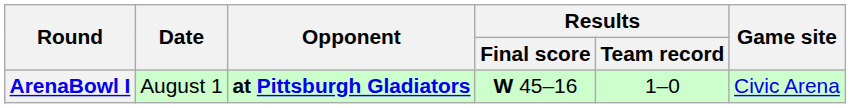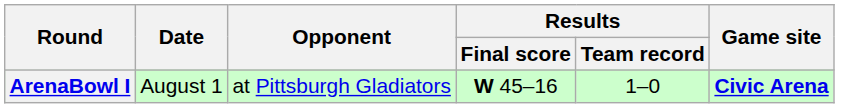 <table class="wikitable" align="center" style="font-size: 92%">
 <tr>
 <th rowspan="2">Round</th>
 <th rowspan="2">Date</th>
 <th rowspan="2">Opponent</th>
 <th colspan="2">Results</th>
 <th rowspan="2">Game site</th>
 </tr>
 <tr>
 <th>Final score</th>
 <th>Team record</th>
 </tr>
 <tr style="background:#cfc">
 <th><a href='#'>ArenaBowl I</a></th>
 <td style="text-align:center;">August 1</td>
-<td style="text-align:center;"><strong>at <a href='#'>Pittsburgh Gladiators</a></strong></td>
+<td style="text-align:center;">at <a href='#'>Pittsburgh Gladiators</a></td>
 <td style="text-align:center;"><strong>W</strong> 45–16</td>
 <td style="text-align:center;">1–0</td>
-<td style="text-align:center;"><a href='#'>Civic Arena</a></td>
+<td style="text-align:center;"><strong><a href='#'>Civic Arena</a></strong></td>
 </tr>
 </table>
